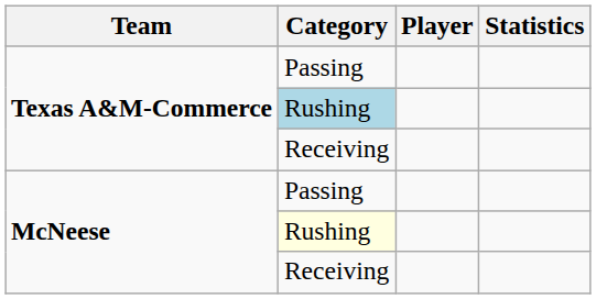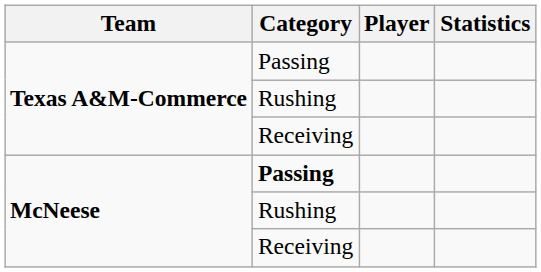 <table class="wikitable" style="float: right;">
 <tr>
 <th>Team</th>
 <th>Category</th>
 <th>Player</th>
 <th>Statistics</th>
 </tr>
 <tr>
 <td rowspan=3><strong>Texas A&M-Commerce</strong></td>
 <td>Passing</td>
 <td></td>
 <td></td>
 </tr>
 <tr>
-<td style="background: lightblue;">Rushing</td>
+<td>Rushing</td>
 <td></td>
 <td></td>
 </tr>
 <tr>
 <td>Receiving</td>
 <td></td>
 <td></td>
 </tr>
 <tr>
 <td rowspan=3><strong>McNeese</strong></td>
-<td>Passing</td>
+<td><strong>Passing</strong></td>
 <td></td>
 <td></td>
 </tr>
 <tr>
-<td style="background: lightyellow;">Rushing</td>
+<td>Rushing</td>
 <td></td>
 <td></td>
 </tr>
 <tr>
 <td>Receiving</td>
 <td></td>
 <td></td>
 </tr>
 </table>
